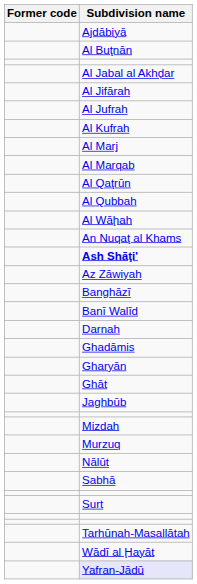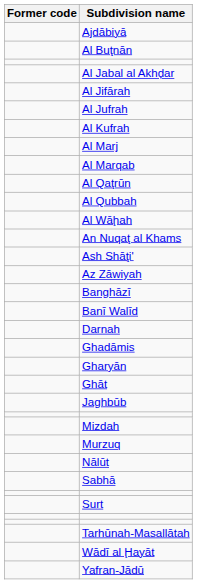 <table class="wikitable sortable mw-collapsible">
 <tr>
 <th>Former code</th>
 <th>Subdivision name</th>
 </tr>
 <tr>
 <td></td>
 <td><a href='#'>Ajdābiyā</a></td>
 </tr>
 <tr>
 <td></td>
 <td><a href='#'>Al Buţnān</a></td>
 </tr>
 <tr>
 <td></td>
 <td></td>
 </tr>
 <tr>
 <td></td>
 <td><a href='#'>Al Jabal al Akhḑar</a></td>
 </tr>
 <tr>
 <td></td>
 <td><a href='#'>Al Jifārah</a></td>
 </tr>
 <tr>
 <td></td>
 <td><a href='#'>Al Jufrah</a></td>
 </tr>
 <tr>
 <td></td>
 <td><a href='#'>Al Kufrah</a></td>
 </tr>
 <tr>
 <td></td>
 <td><a href='#'>Al Marj</a></td>
 </tr>
 <tr>
 <td></td>
 <td><a href='#'>Al Marqab</a></td>
 </tr>
 <tr>
 <td></td>
 <td><a href='#'>Al Qaţrūn</a></td>
 </tr>
 <tr>
 <td></td>
 <td><a href='#'>Al Qubbah</a></td>
 </tr>
 <tr>
 <td></td>
 <td><a href='#'>Al Wāḩah</a></td>
 </tr>
 <tr>
 <td></td>
 <td><a href='#'>An Nuqaţ al Khams</a></td>
 </tr>
 <tr>
 <td></td>
-<td><strong><a href='#'>Ash Shāţi'</a></strong></td>
+<td><a href='#'>Ash Shāţi'</a></td>
 </tr>
 <tr>
 <td></td>
 <td><a href='#'>Az Zāwiyah</a></td>
 </tr>
 <tr>
 <td></td>
 <td><a href='#'>Banghāzī</a></td>
 </tr>
 <tr>
 <td></td>
 <td><a href='#'>Banī Walīd</a></td>
 </tr>
 <tr>
 <td></td>
 <td><a href='#'>Darnah</a></td>
 </tr>
 <tr>
 <td></td>
 <td><a href='#'>Ghadāmis</a></td>
 </tr>
 <tr>
 <td></td>
 <td><a href='#'>Gharyān</a></td>
 </tr>
 <tr>
 <td></td>
 <td><a href='#'>Ghāt</a></td>
 </tr>
 <tr>
 <td></td>
 <td><a href='#'>Jaghbūb</a></td>
 </tr>
 <tr>
 <td></td>
 <td></td>
 </tr>
 <tr>
 <td></td>
 <td><a href='#'>Mizdah</a></td>
 </tr>
 <tr>
 <td></td>
 <td><a href='#'>Murzuq</a></td>
 </tr>
 <tr>
 <td></td>
 <td><a href='#'>Nālūt</a></td>
 </tr>
 <tr>
 <td></td>
 <td><a href='#'>Sabhā</a></td>
 </tr>
 <tr>
 <td></td>
 <td></td>
 </tr>
 <tr>
 <td></td>
 <td><a href='#'>Surt</a></td>
 </tr>
 <tr>
 <td></td>
 <td></td>
 </tr>
 <tr>
 <td></td>
 <td></td>
 </tr>
 <tr>
 <td></td>
 <td><a href='#'>Tarhūnah-Masallātah</a></td>
 </tr>
 <tr>
 <td></td>
 <td><a href='#'>Wādī al Ḩayāt</a></td>
 </tr>
 <tr>
 <td></td>
-<td style="background: lavender;"><a href='#'>Yafran-Jādū</a></td>
+<td><a href='#'>Yafran-Jādū</a></td>
 </tr>
 </table>
